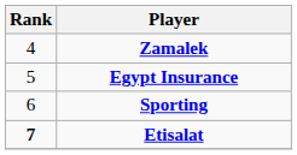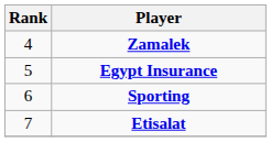 <table class="wikitable sortable" style="text-align: center">
 <tr>
 <th width=10>Rank</th>
 <th width=200>Player</th>
 </tr>
 <tr>
 <td>4</td>
 <td><strong><a href='#'>Zamalek</a></strong></td>
 </tr>
 <tr>
 <td>5</td>
 <td><strong><a href='#'>Egypt Insurance</a></strong></td>
 </tr>
 <tr>
 <td>6</td>
 <td><strong><a href='#'>Sporting</a></strong></td>
 </tr>
 <tr>
-<td><strong>7</strong></td>
+<td>7</td>
 <td><strong><a href='#'>Etisalat</a></strong></td>
 </tr>
 <tr>
 </tr>
 </table>
